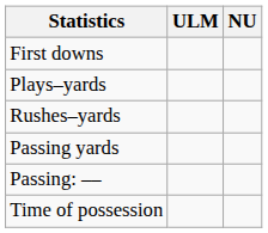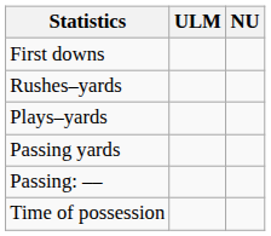 <table class="wikitable" style="float:left">
 <tr>
 <th>Statistics</th>
 <th>ULM</th>
 <th>NU</th>
 </tr>
 <tr>
 <td>First downs</td>
 <td></td>
 <td></td>
 </tr>
 <tr>
-<td>Plays–yards</td>
+<td>Rushes–yards</td>
 <td></td>
 <td></td>
 </tr>
 <tr>
-<td>Rushes–yards</td>
+<td>Plays–yards</td>
 <td></td>
 <td></td>
 </tr>
 <tr>
 <td>Passing yards</td>
 <td></td>
 <td></td>
 </tr>
 <tr>
 <td>Passing: ––</td>
 <td></td>
 <td></td>
 </tr>
 <tr>
 <td>Time of possession</td>
 <td></td>
 <td></td>
 </tr>
 </table>
